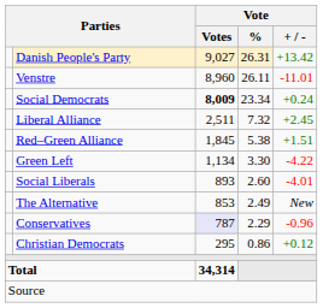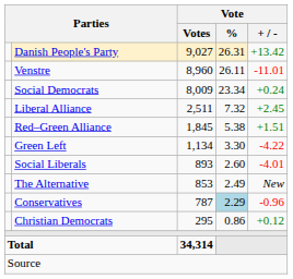 <table class="wikitable" style="text-align:right;">
 <tr>
 <th style="text-align:centre;" rowspan="2" colspan="2" width="225">Parties</th>
 <th colspan="3">Vote</th>
 </tr>
 <tr>
 <th width="15">Votes</th>
 <th width="15">%</th>
 <th width="15">+ / -</th>
 </tr>
 <tr>
 <td width="2" style="color:inherit;background:"></td>
 <td bgcolor=#fef2cc  align="left"><a href='#'>Danish People's Party</a></td>
 <td bgcolor=#fef2cc>9,027</td>
 <td bgcolor=#fef2cc>26.31</td>
 <td style=color:green;>+13.42</td>
 </tr>
 <tr>
 <td width="2" style="color:inherit;background:"></td>
 <td align="left"><a href='#'>Venstre</a></td>
 <td>8,960</td>
 <td>26.11</td>
 <td style=color:red;>-11.01</td>
 </tr>
 <tr>
 <td width="2" style="color:inherit;background:"></td>
 <td align="left"><a href='#'>Social Democrats</a></td>
-<td><strong>8,009</strong></td>
+<td>8,009</td>
 <td>23.34</td>
 <td style=color:green;>+0.24</td>
 </tr>
 <tr>
 <td width="2" style="color:inherit;background:"></td>
 <td align="left"><a href='#'>Liberal Alliance</a></td>
 <td>2,511</td>
 <td>7.32</td>
 <td style=color:green;>+2.45</td>
 </tr>
 <tr>
 <td width="2" style="color:inherit;background:"></td>
 <td align="left"><a href='#'>Red–Green Alliance</a></td>
 <td>1,845</td>
 <td>5.38</td>
 <td style=color:green;>+1.51</td>
 </tr>
 <tr>
 <td width="2" style="color:inherit;background:"></td>
 <td align="left"><a href='#'>Green Left</a></td>
 <td>1,134</td>
 <td>3.30</td>
 <td style=color:red;>-4.22</td>
 </tr>
 <tr>
 <td width="2" style="color:inherit;background:"></td>
 <td align="left"><a href='#'>Social Liberals</a></td>
 <td>893</td>
 <td>2.60</td>
 <td style=color:red;>-4.01</td>
 </tr>
 <tr>
 <td width="2" style="color:inherit;background:"></td>
 <td align="left"><a href='#'>The Alternative</a></td>
 <td>853</td>
 <td>2.49</td>
 <td><em>New</em></td>
 </tr>
 <tr>
 <td width="2" style="color:inherit;background:"></td>
 <td align="left"><a href='#'>Conservatives</a></td>
-<td style="background: lavender;">787</td>
-<td>2.29</td>
+<td>787</td>
+<td style="background: lightblue;">2.29</td>
 <td style=color:red;>-0.96</td>
 </tr>
 <tr>
 <td width="2" style="color:inherit;background:"></td>
 <td align="left"><a href='#'>Christian Democrats</a></td>
 <td>295</td>
 <td>0.86</td>
 <td style=color:green;>+0.12</td>
 </tr>
 <tr>
 <td colspan="7" bgcolor="#E9E9E9"></td>
 </tr>
 <tr>
 <td align="left" colspan="2"><strong>Total</strong></td>
 <td><strong>34,314</strong></td>
 <td bgcolor="#E9E9E9" colspan="2"></td>
 </tr>
 <tr>
 <td align="left" colspan="6">Source</td>
 </tr>
 </table>
